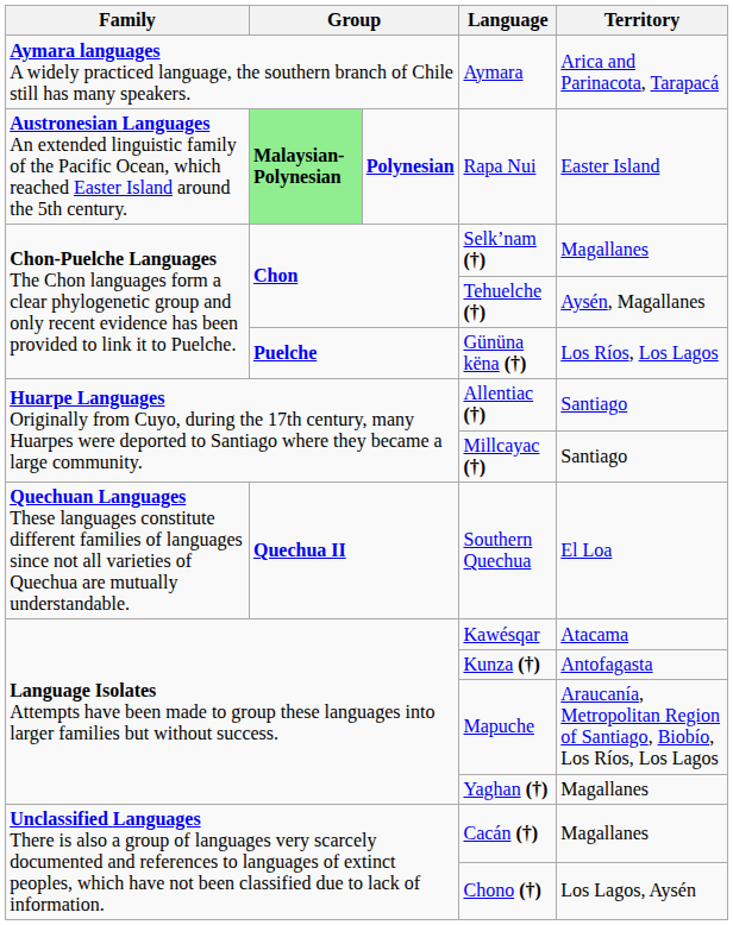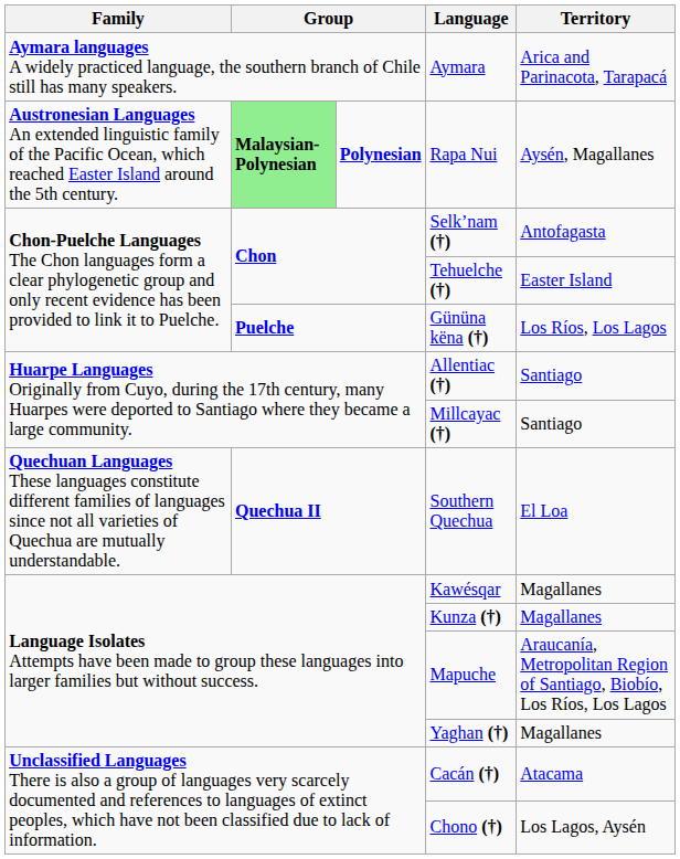 <table class="wikitable">
 <tr>
 <th>Family</th>
 <th colspan="2">Group</th>
 <th>Language</th>
 <th>Territory</th>
 </tr>
 <tr>
 <td colspan="3" rowspan="1"><strong><a href='#'>Aymara languages</a></strong><br>A widely practiced language, the southern branch of Chile still has many speakers.</td>
 <td><a href='#'>Aymara</a></td>
 <td><a href='#'>Arica and Parinacota</a>, <a href='#'>Tarapacá</a></td>
 </tr>
 <tr>
 <td rowspan="1"><strong><a href='#'>Austronesian Languages</a></strong><br>An extended linguistic family of the Pacific Ocean, which reached <a href='#'>Easter Island</a> around the 5th century.</td>
 <td rowspan="1" style="background: lightgreen;"><strong>Malaysian-Polynesian</strong></td>
 <td rowspan="1"><strong><a href='#'>Polynesian</a></strong></td>
 <td><a href='#'>Rapa Nui</a></td>
-<td><a href='#'>Easter Island</a></td>
+<td><a href='#'>Aysén</a>, Magallanes</td>
 </tr>
 <tr>
 <td rowspan="3"><strong>Chon-Puelche Languages</strong><br>The Chon languages form a clear phylogenetic group and only recent evidence has been provided to link it to Puelche.</td>
 <td colspan="2" rowspan="2"><strong><a href='#'>Chon</a></strong></td>
 <td><a href='#'>Selkʼnam</a> <strong>(†)</strong></td>
-<td><a href='#'>Magallanes</a></td>
+<td><a href='#'>Antofagasta</a></td>
 </tr>
 <tr>
 <td><a href='#'>Tehuelche</a> <strong>(†)</strong></td>
-<td><a href='#'>Aysén</a>, Magallanes</td>
+<td><a href='#'>Easter Island</a></td>
 </tr>
 <tr>
 <td colspan="2" rowspan="1"><strong><a href='#'>Puelche</a></strong></td>
 <td><a href='#'>Gününa këna</a> <strong>(†)</strong></td>
 <td><a href='#'>Los Ríos</a>, <a href='#'>Los Lagos</a></td>
 </tr>
 <tr>
 <td colspan="3" rowspan="2"><strong><a href='#'>Huarpe Languages</a></strong><br>Originally from Cuyo, during the 17th century, many Huarpes were deported to Santiago where they became a large community.</td>
 <td><a href='#'>Allentiac</a> <strong>(†)</strong></td>
 <td><a href='#'>Santiago</a></td>
 </tr>
 <tr>
 <td><a href='#'>Millcayac</a> <strong>(†)</strong></td>
 <td>Santiago</td>
 </tr>
 <tr>
 <td><strong><a href='#'>Quechuan Languages</a></strong><br>These languages constitute different families of languages since not all varieties of Quechua are mutually understandable.</td>
 <td colspan="2"><strong><a href='#'>Quechua II</a></strong></td>
 <td><a href='#'>Southern Quechua</a></td>
 <td><a href='#'>El Loa</a></td>
 </tr>
 <tr>
 <td colspan="3" rowspan="4"><strong>Language Isolates</strong><br>Attempts have been made to group these languages into larger families but without success.</td>
 <td><a href='#'>Kawésqar</a></td>
-<td><a href='#'>Atacama</a></td>
+<td>Magallanes</td>
 </tr>
 <tr>
 <td><a href='#'>Kunza</a> <strong>(†)</strong></td>
-<td><a href='#'>Antofagasta</a></td>
+<td><a href='#'>Magallanes</a></td>
 </tr>
 <tr>
 <td><a href='#'>Mapuche</a></td>
 <td><a href='#'>Araucanía</a>, <a href='#'>Metropolitan Region of Santiago</a>, <a href='#'>Biobío</a>, Los Ríos, Los Lagos</td>
 </tr>
 <tr>
 <td><a href='#'>Yaghan</a> <strong>(†)</strong></td>
 <td>Magallanes</td>
 </tr>
 <tr>
 <td colspan="3" rowspan="2"><a href='#'><strong>Unclassified</strong> <strong>Languages</strong></a><br>There is also a group of languages very scarcely documented and references to languages of extinct peoples, which have not been classified due to lack of information.</td>
 <td><a href='#'>Cacán</a> <strong>(†)</strong></td>
-<td>Magallanes</td>
+<td><a href='#'>Atacama</a></td>
 </tr>
 <tr>
 <td><a href='#'>Chono</a> <strong>(†)</strong></td>
 <td>Los Lagos, Aysén</td>
 </tr>
 </table>
